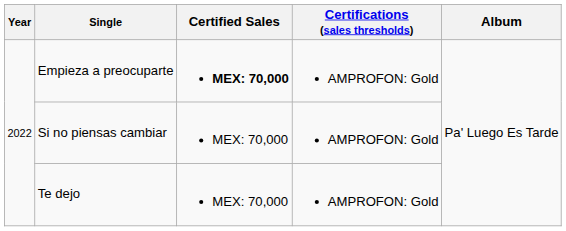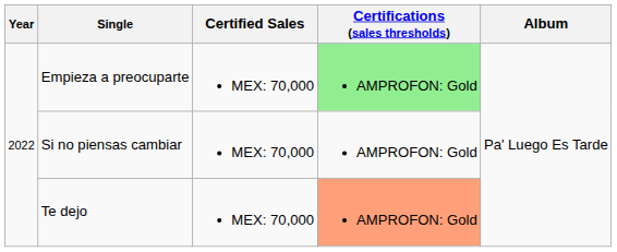 <table class="wikitable">
 <tr>
 <th><small>Year</small></th>
 <th><small>Single</small></th>
 <th>Certified Sales</th>
 <th><a href='#'>Certifications</a><br><small>(<a href='#'>sales thresholds</a>)</small></th>
 <th>Album</th>
 </tr>
 <tr>
 <td rowspan="3"><small>2</small><small>022</small></td>
 <td>Empieza a preocuparte</td>
-<td><strong><br><ul><li>MEX: 70,000</li></ul></strong></td>
-<td><br><ul><li>AMPROFON: Gold</li></ul></td>
+<td><br><ul><li>MEX: 70,000</li></ul></td>
+<td style="background: lightgreen;"><br><ul><li>AMPROFON: Gold</li></ul></td>
 <td rowspan="4">Pa' Luego Es Tarde</td>
 </tr>
 <tr>
 <td>Si no piensas cambiar</td>
 <td><br><ul><li>MEX: 70,000</li></ul></td>
 <td><br><ul><li>AMPROFON: Gold</li></ul></td>
 </tr>
 <tr>
 <td>Te dejo</td>
 <td><br><ul><li>MEX: 70,000</li></ul></td>
-<td><br><ul><li>AMPROFON: Gold</li></ul></td>
+<td style="background: lightsalmon;"><br><ul><li>AMPROFON: Gold</li></ul></td>
 </tr>
 </table>
